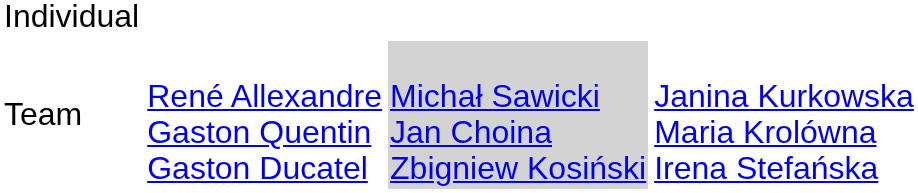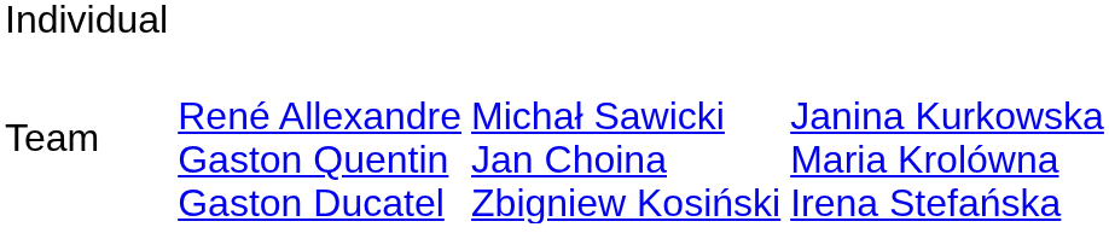 <table>
 <tr>
 <td>Individual</td>
 <td></td>
 <td></td>
 <td></td>
 </tr>
 <tr>
 <td>Team</td>
 <td> <br> <a href='#'>René Allexandre</a> <br> <a href='#'>Gaston Quentin</a> <br> <a href='#'>Gaston Ducatel</a></td>
-<td style="background: lightgrey;"> <br> <a href='#'>Michał Sawicki</a> <br> <a href='#'>Jan Choina</a> <br> <a href='#'>Zbigniew Kosiński</a></td>
+<td> <br> <a href='#'>Michał Sawicki</a> <br> <a href='#'>Jan Choina</a> <br> <a href='#'>Zbigniew Kosiński</a></td>
 <td> <br> <a href='#'>Janina Kurkowska</a> <br> <a href='#'>Maria Krolówna</a> <br> <a href='#'>Irena Stefańska</a></td>
 </tr>
 <tr>
 </tr>
 </table>
